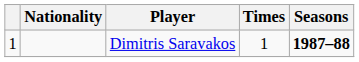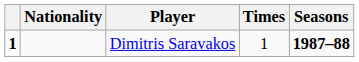 <table class="wikitable" style="text-align:center;margin-left:1em">
 <tr>
 <th></th>
 <th>Nationality</th>
 <th>Player</th>
 <th>Times</th>
 <th>Seasons</th>
 </tr>
 <tr>
-<td>1</td>
+<td><strong>1</strong></td>
 <td></td>
 <td><a href='#'>Dimitris Saravakos</a></td>
 <td align="center" 1>1</td>
 <td><strong>1987–88</strong></td>
 </tr>
 <tr>
 </tr>
 </table>
